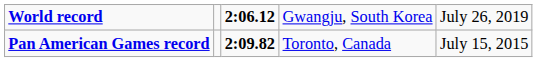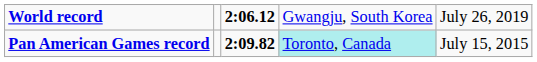 <table class="wikitable">
 <tr>
 <td><strong><a href='#'>World record</a></strong></td>
 <td></td>
 <td><strong>2:06.12</strong></td>
 <td><a href='#'>Gwangju</a>, <a href='#'>South Korea</a></td>
 <td>July 26, 2019</td>
 </tr>
 <tr>
 <td><strong><a href='#'>Pan American Games record</a></strong></td>
 <td></td>
 <td><strong>2:09.82</strong></td>
-<td><a href='#'>Toronto</a>, <a href='#'>Canada</a></td>
+<td style="background: paleturquoise;"><a href='#'>Toronto</a>, <a href='#'>Canada</a></td>
 <td>July 15, 2015</td>
 </tr>
 </table>
